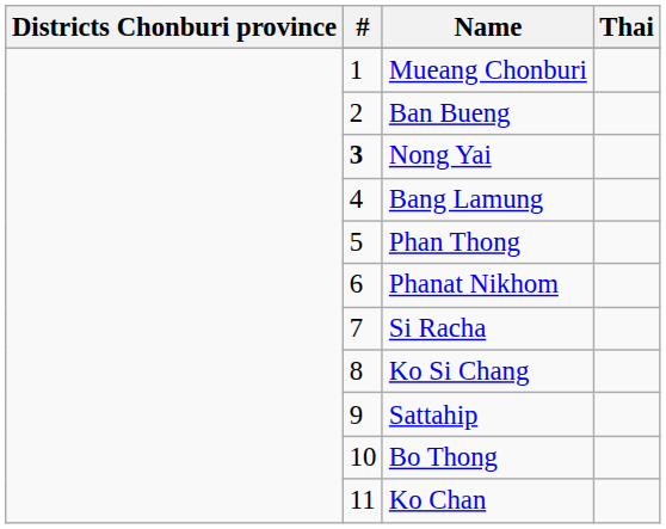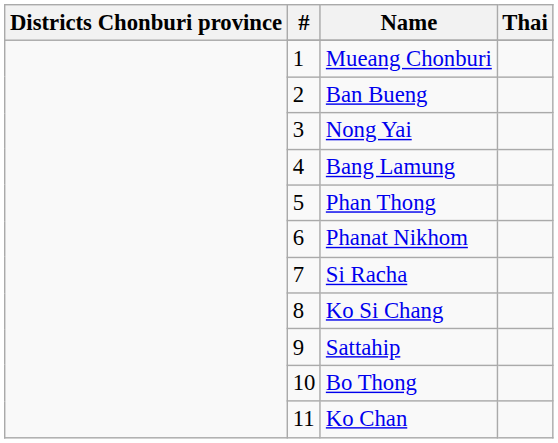 <table class="wikitable" style="vertical-align:top;">
 <tr>
 <th>Districts Chonburi province</th>
 <th>#</th>
 <th>Name</th>
 <th>Thai</th>
 </tr>
 <tr>
 <td rowspan=12></td>
 </tr>
 <tr>
 <td>1</td>
 <td><a href='#'>Mueang Chonburi</a></td>
 <td><span></span></td>
 </tr>
 <tr>
 <td>2</td>
 <td><a href='#'>Ban Bueng</a></td>
 <td><span></span></td>
 </tr>
 <tr>
-<td><strong>3</strong></td>
+<td>3</td>
 <td><a href='#'>Nong Yai</a></td>
 <td><span></span></td>
 </tr>
 <tr>
 <td>4</td>
 <td><a href='#'>Bang Lamung</a></td>
 <td><span></span></td>
 </tr>
 <tr>
 <td>5</td>
 <td><a href='#'>Phan Thong</a></td>
 <td><span></span></td>
 </tr>
 <tr>
 <td>6</td>
 <td><a href='#'>Phanat Nikhom</a></td>
 <td><span></span></td>
 </tr>
 <tr>
 <td>7</td>
 <td><a href='#'>Si Racha</a></td>
 <td><span></span></td>
 </tr>
 <tr>
 <td>8</td>
 <td><a href='#'>Ko Si Chang</a></td>
 <td><span></span></td>
 </tr>
 <tr>
 <td>9</td>
 <td><a href='#'>Sattahip</a></td>
 <td><span></span></td>
 </tr>
 <tr>
 <td>10</td>
 <td><a href='#'>Bo Thong</a></td>
 <td><span></span></td>
 </tr>
 <tr>
 <td>11</td>
 <td><a href='#'>Ko Chan</a></td>
 <td><span></span></td>
 </tr>
 </table>
